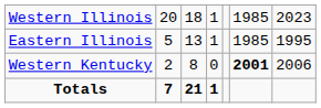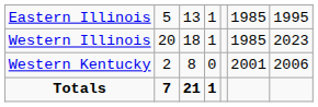 <table class="wikitable" style="text-align:center;">
 <tr>
-</tr>
-<tr style="text-align:center;">
-<td><a href='#'>Western Illinois</a></td>
-<td>20</td>
-<td>18</td>
-<td>1</td>
-<td></td>
-<td>1985</td>
-<td>2023</td>
 </tr>
 <tr style="text-align:center;" 2004–2012>
 <td><a href='#'>Eastern Illinois</a></td>
 <td>5</td>
 <td>13</td>
 <td>1</td>
 <td></td>
 <td>1985</td>
 <td>1995</td>
 </tr>
 <tr style="text-align:center;">
+<td><a href='#'>Western Illinois</a></td>
+<td>20</td>
+<td>18</td>
+<td>1</td>
+<td></td>
+<td>1985</td>
+<td>2023</td>
+</tr>
+<tr style="text-align:center;">
 <td><a href='#'>Western Kentucky</a></td>
 <td>2</td>
 <td>8</td>
 <td>0</td>
 <td></td>
-<td><strong>2001</strong></td>
+<td>2001</td>
 <td>2006</td>
 </tr>
 <tr style="text-align:center; ">
 <td><strong>Totals</strong></td>
 <td><strong>7</strong></td>
 <td><strong>21</strong></td>
 <td><strong>1</strong></td>
 <td><strong></strong></td>
 <td></td>
 <td></td>
 </tr>
 </table>
